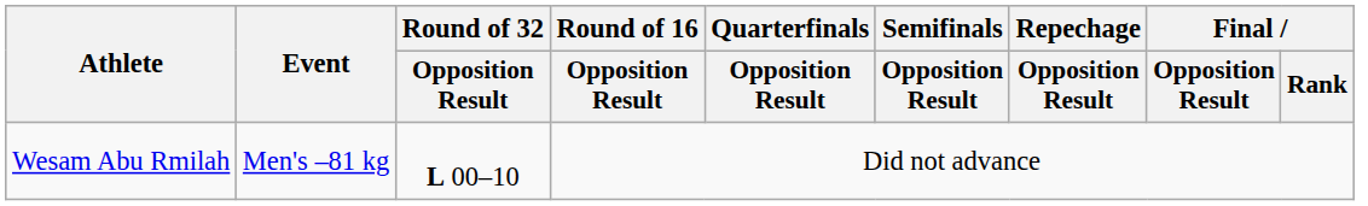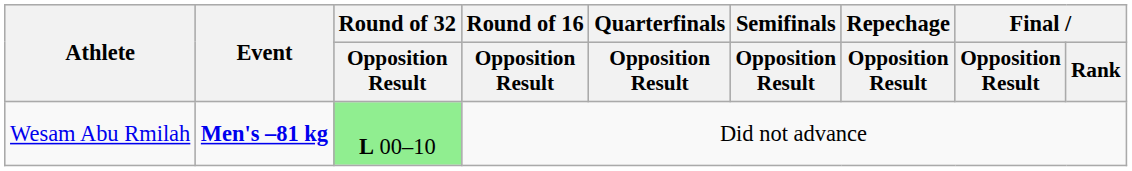 <table class="wikitable" style="font-size:90%">
 <tr>
 <th rowspan="2">Athlete</th>
 <th rowspan="2">Event</th>
 <th>Round of 32</th>
 <th>Round of 16</th>
 <th>Quarterfinals</th>
 <th>Semifinals</th>
 <th>Repechage</th>
 <th colspan=2>Final / </th>
 </tr>
 <tr style="font-size:95%">
 <th>Opposition<br>Result</th>
 <th>Opposition<br>Result</th>
 <th>Opposition<br>Result</th>
 <th>Opposition<br>Result</th>
 <th>Opposition<br>Result</th>
 <th>Opposition<br>Result</th>
 <th>Rank</th>
 </tr>
 <tr align=center>
 <td align=left><a href='#'>Wesam Abu Rmilah</a></td>
-<td align=left><a href='#'>Men's –81 kg</a></td>
-<td><br><strong>L</strong> 00–10</td>
+<td align=left><strong><a href='#'>Men's –81 kg</a></strong></td>
+<td style="background: lightgreen;"><br><strong>L</strong> 00–10</td>
 <td colspan="6">Did not advance</td>
 </tr>
 </table>
